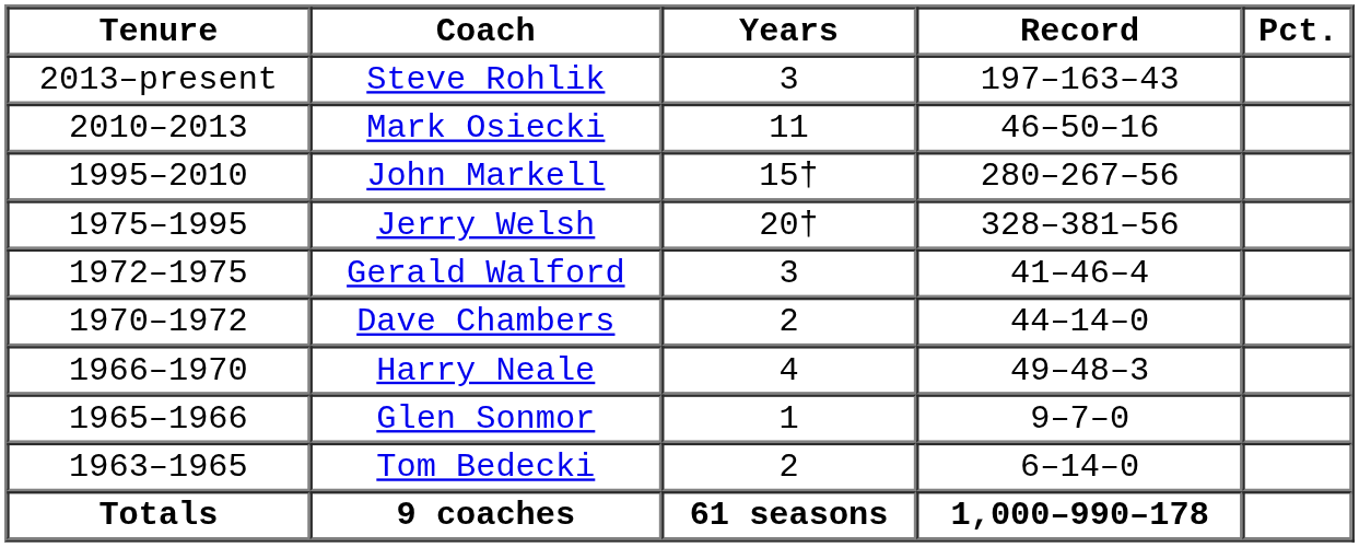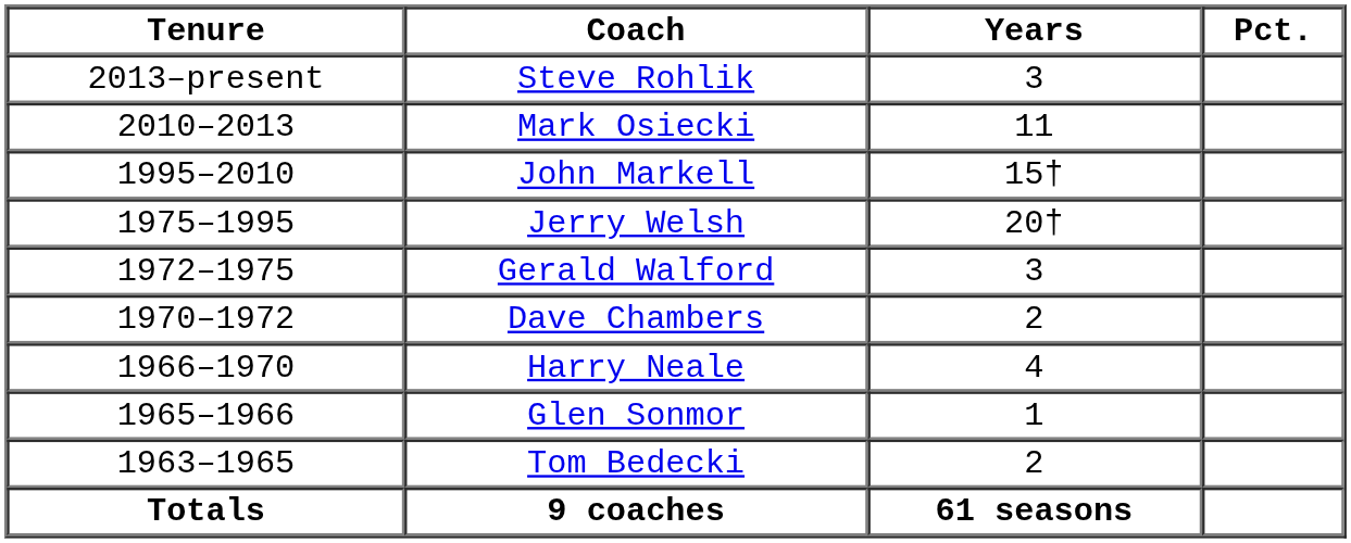 <table cellpadding="1" border="1" cellspacing="0" width="60%">
 <tr>
 <th>Tenure</th>
 <th>Coach</th>
 <th>Years</th>
-<th>Record</th>
 <th>Pct.</th>
 </tr>
 <tr align="center">
 <td>2013–present</td>
 <td><a href='#'>Steve Rohlik</a></td>
 <td>3</td>
-<td>197–163–43</td>
 <td></td>
 </tr>
 <tr align="center">
 <td>2010–2013</td>
 <td><a href='#'>Mark Osiecki</a></td>
 <td>11</td>
-<td>46–50–16</td>
 <td></td>
 </tr>
 <tr align="center">
 <td>1995–2010</td>
 <td><a href='#'>John Markell</a></td>
 <td>15†</td>
-<td>280–267–56</td>
 <td></td>
 </tr>
 <tr align="center">
 <td>1975–1995</td>
 <td><a href='#'>Jerry Welsh</a></td>
 <td>20†</td>
-<td>328–381–56</td>
 <td></td>
 </tr>
 <tr align="center">
 <td>1972–1975</td>
 <td><a href='#'>Gerald Walford</a></td>
 <td>3</td>
-<td>41–46–4</td>
 <td></td>
 </tr>
 <tr align="center">
 <td>1970–1972</td>
 <td><a href='#'>Dave Chambers</a></td>
 <td>2</td>
-<td>44–14–0</td>
 <td></td>
 </tr>
 <tr align="center">
 <td>1966–1970</td>
 <td><a href='#'>Harry Neale</a></td>
 <td>4</td>
-<td>49–48–3</td>
 <td></td>
 </tr>
 <tr align="center">
 <td>1965–1966</td>
 <td><a href='#'>Glen Sonmor</a></td>
 <td>1</td>
-<td>9–7–0</td>
 <td></td>
 </tr>
 <tr align="center">
 <td>1963–1965</td>
 <td><a href='#'>Tom Bedecki</a></td>
 <td>2</td>
-<td>6–14–0</td>
 <td></td>
 </tr>
 <tr style="text-align:center">
 <th>Totals</th>
 <th>9 coaches</th>
 <th>61 seasons</th>
-<th>1,000–990–178</th>
 <th></th>
 </tr>
 </table>
